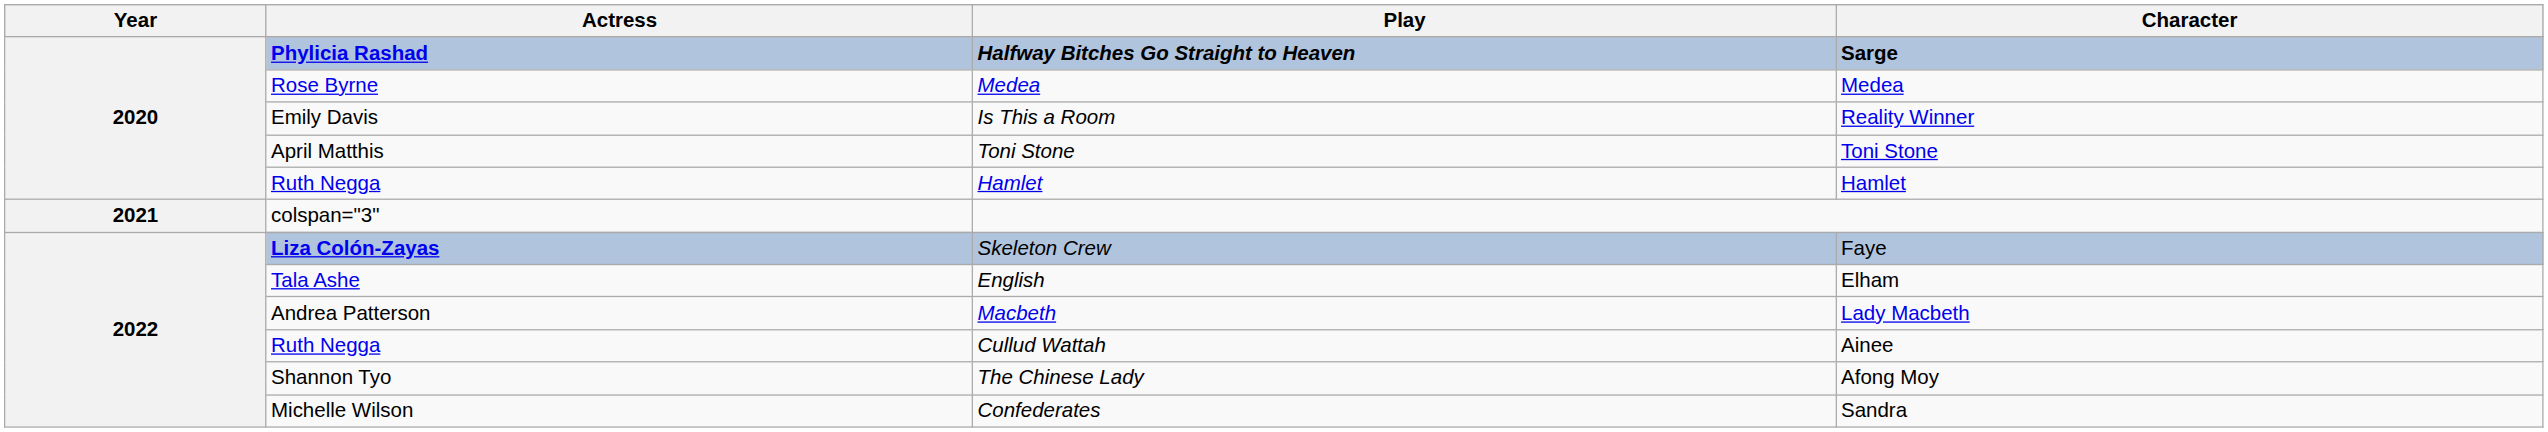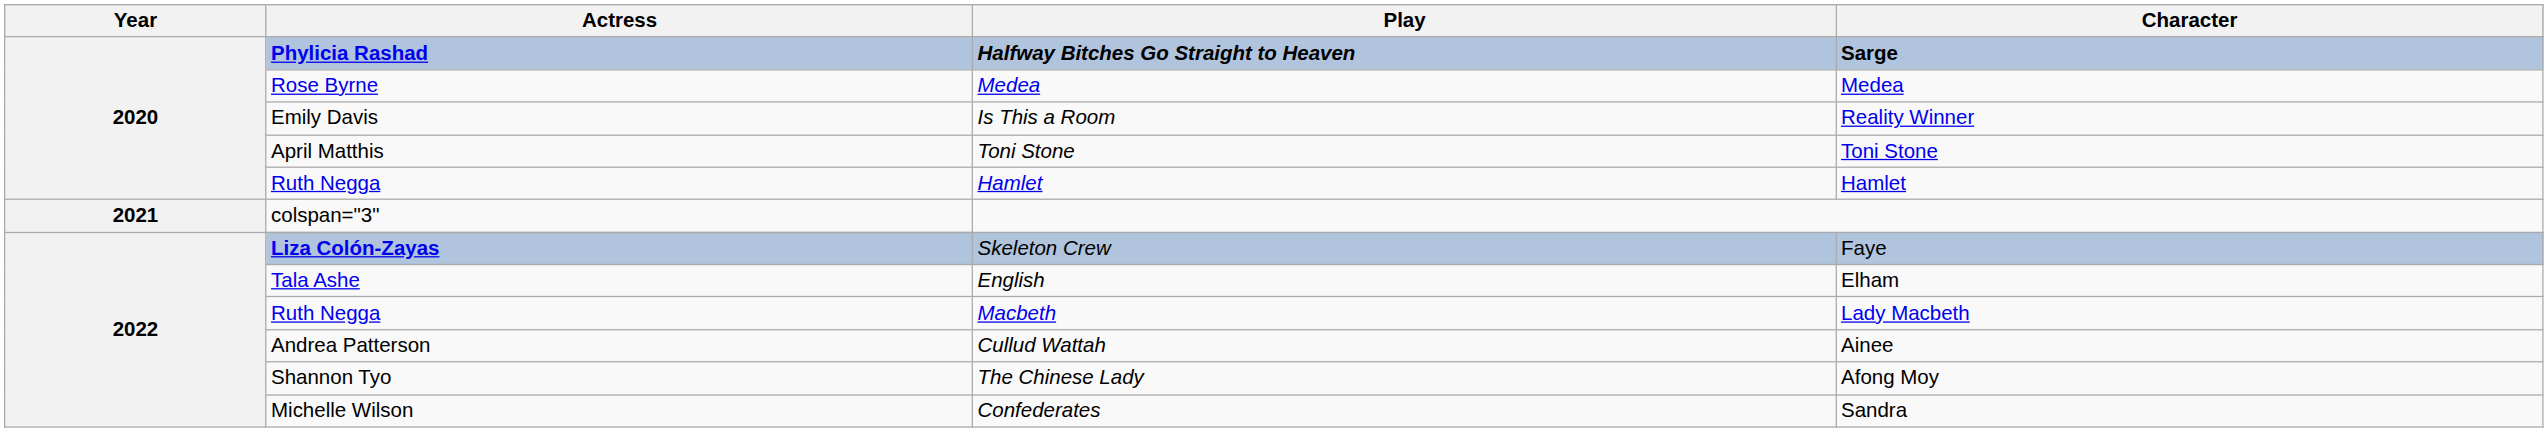 <table class="wikitable" style="width:100%;">
 <tr style="background:#bebebe;">
 <th style="width:10%;">Year</th>
 <th style="width:27%;">Actress</th>
 <th style="width:33%;">Play</th>
 <th style="width:27%;">Character</th>
 </tr>
 <tr>
 <th rowspan="6" align="center">2020</th>
 </tr>
 <tr style="background:#B0C4DE">
 <td><strong><a href='#'>Phylicia Rashad</a></strong></td>
 <td><strong><em>Halfway Bitches Go Straight to Heaven</em></strong></td>
 <td><strong>Sarge</strong></td>
 </tr>
 <tr>
 <td><a href='#'>Rose Byrne</a></td>
 <td><em><a href='#'>Medea</a></em></td>
 <td><a href='#'>Medea</a></td>
 </tr>
 <tr>
 <td>Emily Davis</td>
 <td><em>Is This a Room</em></td>
 <td><a href='#'>Reality Winner</a></td>
 </tr>
 <tr>
 <td>April Matthis</td>
 <td><em>Toni Stone</em></td>
 <td><a href='#'>Toni Stone</a></td>
 </tr>
 <tr>
 <td><a href='#'>Ruth Negga</a></td>
 <td><em><a href='#'>Hamlet</a></em></td>
 <td><a href='#'>Hamlet</a></td>
 </tr>
 <tr>
 <th>2021</th>
 <td>colspan="3" </td>
 </tr>
 <tr>
 <th rowspan="7" align="center">2022</th>
 </tr>
 <tr style="background:#B0C4DE">
 <td><strong><a href='#'>Liza Colón-Zayas</a></strong></td>
 <td><em>Skeleton Crew</em></td>
 <td>Faye</td>
 </tr>
 <tr>
 <td><a href='#'>Tala Ashe</a></td>
 <td><em>English</em></td>
 <td>Elham</td>
 </tr>
 <tr>
-<td>Andrea Patterson</td>
+<td><a href='#'>Ruth Negga</a></td>
 <td><em><a href='#'>Macbeth</a></em></td>
 <td><a href='#'>Lady Macbeth</a></td>
 </tr>
 <tr>
-<td><a href='#'>Ruth Negga</a></td>
+<td>Andrea Patterson</td>
 <td><em>Cullud Wattah</em></td>
 <td>Ainee</td>
 </tr>
 <tr>
 <td>Shannon Tyo</td>
 <td><em>The Chinese Lady</em></td>
 <td>Afong Moy</td>
 </tr>
 <tr>
 <td>Michelle Wilson</td>
 <td><em>Confederates</em></td>
 <td>Sandra</td>
 </tr>
 </table>
